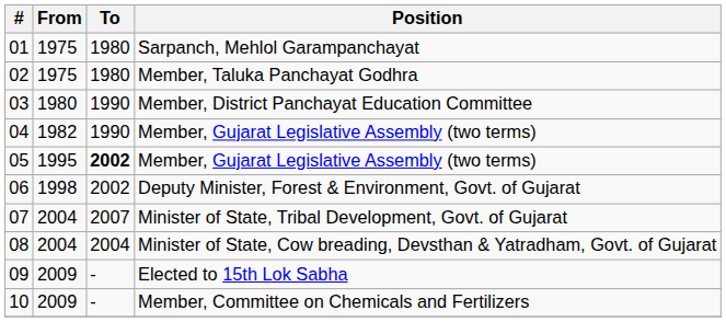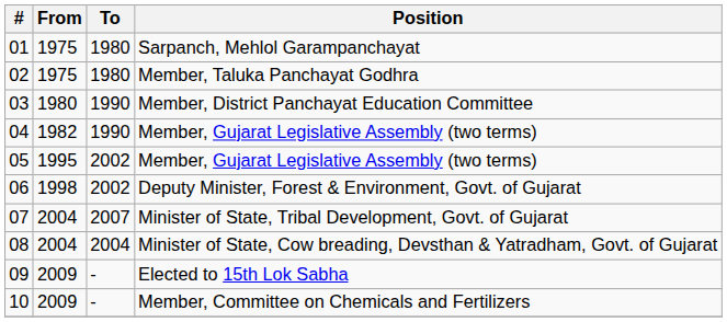 <table class="wikitable sortable">
 <tr>
 <th>#</th>
 <th>From</th>
 <th>To</th>
 <th>Position</th>
 </tr>
 <tr>
 <td>01</td>
 <td>1975</td>
 <td>1980</td>
 <td>Sarpanch, Mehlol Garampanchayat</td>
 </tr>
 <tr>
 <td>02</td>
 <td>1975</td>
 <td>1980</td>
 <td>Member, Taluka Panchayat Godhra</td>
 </tr>
 <tr>
 <td>03</td>
 <td>1980</td>
 <td>1990</td>
 <td>Member, District Panchayat Education Committee</td>
 </tr>
 <tr>
 <td>04</td>
 <td>1982</td>
 <td>1990</td>
 <td>Member, <a href='#'>Gujarat Legislative Assembly</a> (two terms)</td>
 </tr>
 <tr>
 <td>05</td>
 <td>1995</td>
-<td><strong>2002</strong></td>
+<td>2002</td>
 <td>Member, <a href='#'>Gujarat Legislative Assembly</a> (two terms)</td>
 </tr>
 <tr>
 <td>06</td>
 <td>1998</td>
 <td>2002</td>
 <td>Deputy Minister, Forest & Environment, Govt. of Gujarat</td>
 </tr>
 <tr>
 <td>07</td>
 <td>2004</td>
 <td>2007</td>
 <td>Minister of State, Tribal Development, Govt. of Gujarat</td>
 </tr>
 <tr>
 <td>08</td>
 <td>2004</td>
 <td>2004</td>
 <td>Minister of State, Cow breading, Devsthan & Yatradham, Govt. of Gujarat</td>
 </tr>
 <tr>
 <td>09</td>
 <td>2009</td>
 <td>-</td>
 <td>Elected to <a href='#'>15th Lok Sabha</a></td>
 </tr>
 <tr>
 <td>10</td>
 <td>2009</td>
 <td>-</td>
 <td>Member, Committee on Chemicals and Fertilizers</td>
 </tr>
 <tr>
 </tr>
 </table>
